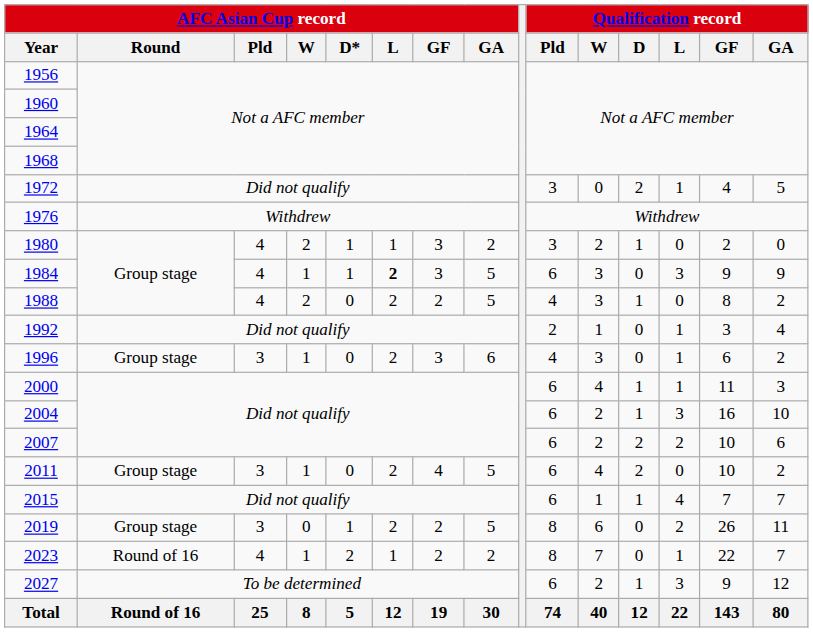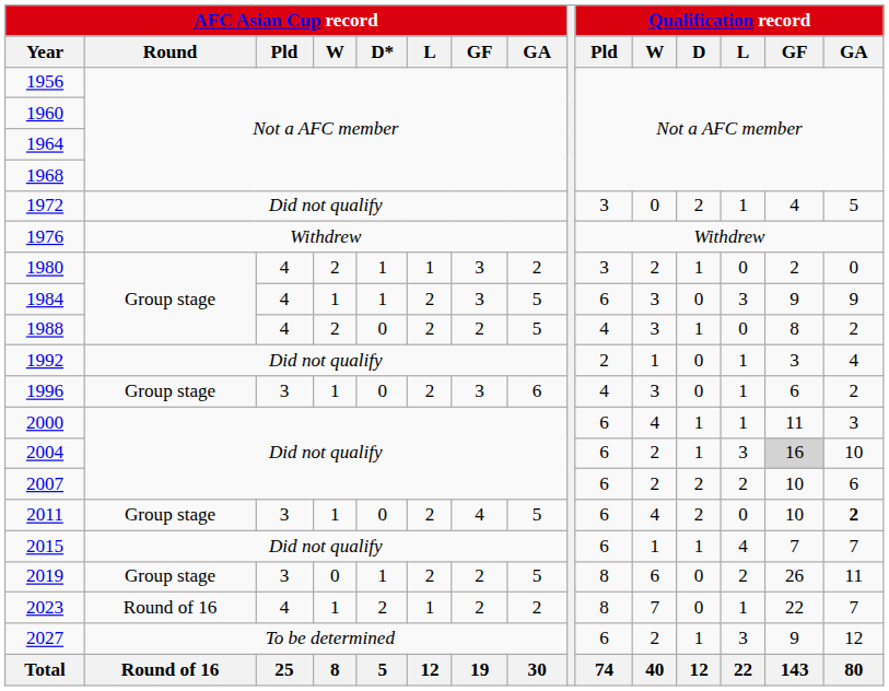 <table class="wikitable" style="text-align: center;font-size:90%;">
 <tr>
 <th colspan=8 style="background: #db000d; color: #FFFFFF;"><a href='#'>AFC Asian Cup</a> record</th>
 <th width=1% rowspan=22></th>
 <th colspan=6 style="background: #db000d; color: #FFFFFF;"><a href='#'>Qualification</a> record</th>
 </tr>
 <tr>
 <th>Year</th>
 <th>Round</th>
 <th>Pld</th>
 <th>W</th>
 <th>D*</th>
 <th>L</th>
 <th>GF</th>
 <th>GA</th>
 <th>Pld</th>
 <th>W</th>
 <th>D</th>
 <th>L</th>
 <th>GF</th>
 <th>GA</th>
 </tr>
 <tr>
 <td> <a href='#'>1956</a></td>
 <td rowspan=4 colspan=7><em>Not a AFC member</em></td>
 <td rowspan=4 colspan=6><em>Not a AFC member</em></td>
 </tr>
 <tr>
 <td> <a href='#'>1960</a></td>
 </tr>
 <tr>
 <td> <a href='#'>1964</a></td>
 </tr>
 <tr>
 <td> <a href='#'>1968</a></td>
 </tr>
 <tr>
 <td> <a href='#'>1972</a></td>
 <td colspan=7><em>Did not qualify</em></td>
 <td>3</td>
 <td>0</td>
 <td>2</td>
 <td>1</td>
 <td>4</td>
 <td>5</td>
 </tr>
 <tr>
 <td> <a href='#'>1976</a></td>
 <td colspan=7><em>Withdrew</em></td>
 <td colspan=6><em>Withdrew</em></td>
 </tr>
 <tr>
 <td> <a href='#'>1980</a></td>
 <td rowspan=3>Group stage</td>
 <td>4</td>
 <td>2</td>
 <td>1</td>
 <td>1</td>
 <td>3</td>
 <td>2</td>
 <td>3</td>
 <td>2</td>
 <td>1</td>
 <td>0</td>
 <td>2</td>
 <td>0</td>
 </tr>
 <tr>
 <td> <a href='#'>1984</a></td>
 <td>4</td>
 <td>1</td>
 <td>1</td>
-<td><strong>2</strong></td>
+<td>2</td>
 <td>3</td>
 <td>5</td>
 <td>6</td>
 <td>3</td>
 <td>0</td>
 <td>3</td>
 <td>9</td>
 <td>9</td>
 </tr>
 <tr>
 <td> <a href='#'>1988</a></td>
 <td>4</td>
 <td>2</td>
 <td>0</td>
 <td>2</td>
 <td>2</td>
 <td>5</td>
 <td>4</td>
 <td>3</td>
 <td>1</td>
 <td>0</td>
 <td>8</td>
 <td>2</td>
 </tr>
 <tr>
 <td> <a href='#'>1992</a></td>
 <td colspan=7><em>Did not qualify</em></td>
 <td>2</td>
 <td>1</td>
 <td>0</td>
 <td>1</td>
 <td>3</td>
 <td>4</td>
 </tr>
 <tr>
 <td> <a href='#'>1996</a></td>
 <td>Group stage</td>
 <td>3</td>
 <td>1</td>
 <td>0</td>
 <td>2</td>
 <td>3</td>
 <td>6</td>
 <td>4</td>
 <td>3</td>
 <td>0</td>
 <td>1</td>
 <td>6</td>
 <td>2</td>
 </tr>
 <tr>
 <td> <a href='#'>2000</a></td>
 <td rowspan=3 colspan=7><em>Did not qualify</em></td>
 <td>6</td>
 <td>4</td>
 <td>1</td>
 <td>1</td>
 <td>11</td>
 <td>3</td>
 </tr>
 <tr>
 <td> <a href='#'>2004</a></td>
 <td>6</td>
 <td>2</td>
 <td>1</td>
 <td>3</td>
-<td>16</td>
+<td style="background: lightgrey;">16</td>
 <td>10</td>
 </tr>
 <tr>
 <td>    <a href='#'>2007</a></td>
 <td>6</td>
 <td>2</td>
 <td>2</td>
 <td>2</td>
 <td>10</td>
 <td>6</td>
 </tr>
 <tr>
 <td> <a href='#'>2011</a></td>
 <td>Group stage</td>
 <td>3</td>
 <td>1</td>
 <td>0</td>
 <td>2</td>
 <td>4</td>
 <td>5</td>
 <td>6</td>
 <td>4</td>
 <td>2</td>
 <td>0</td>
 <td>10</td>
-<td>2</td>
+<td><strong>2</strong></td>
 </tr>
 <tr>
 <td> <a href='#'>2015</a></td>
 <td colspan=7><em>Did not qualify</em></td>
 <td>6</td>
 <td>1</td>
 <td>1</td>
 <td>4</td>
 <td>7</td>
 <td>7</td>
 </tr>
 <tr>
 <td> <a href='#'>2019</a></td>
 <td>Group stage</td>
 <td>3</td>
 <td>0</td>
 <td>1</td>
 <td>2</td>
 <td>2</td>
 <td>5</td>
 <td>8</td>
 <td>6</td>
 <td>0</td>
 <td>2</td>
 <td>26</td>
 <td>11</td>
 </tr>
 <tr>
 <td> <a href='#'>2023</a></td>
 <td>Round of 16</td>
 <td>4</td>
 <td>1</td>
 <td>2</td>
 <td>1</td>
 <td>2</td>
 <td>2</td>
 <td>8</td>
 <td>7</td>
 <td>0</td>
 <td>1</td>
 <td>22</td>
 <td>7</td>
 </tr>
 <tr>
 <td> <a href='#'>2027</a></td>
 <td colspan=8><em>To be determined</em></td>
 <td>6</td>
 <td>2</td>
 <td>1</td>
 <td>3</td>
 <td>9</td>
 <td>12</td>
 </tr>
 <tr>
 <th><strong>Total</strong></th>
 <th>Round of 16</th>
 <th>25</th>
 <th>8</th>
 <th>5</th>
 <th>12</th>
 <th>19</th>
 <th>30</th>
 <th>74</th>
 <th>40</th>
 <th>12</th>
 <th>22</th>
 <th>143</th>
 <th>80</th>
 </tr>
 </table>
